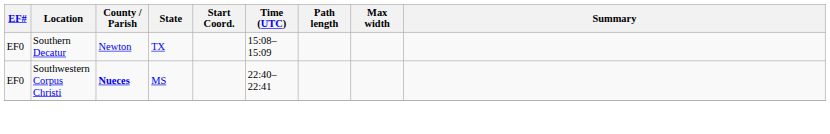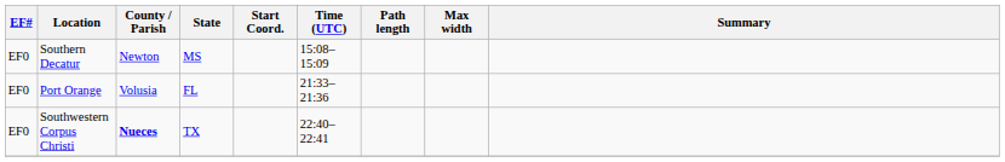 <table class="wikitable sortable" style="width:100%;">
 <tr>
 <th scope="col"  style="width:3%; text-align:center;"><a href='#'>EF#</a></th>
 <th scope="col"  style="width:7%; text-align:center;" class="unsortable">Location</th>
 <th scope="col"  style="width:6%; text-align:center;" class="unsortable">County / Parish</th>
 <th scope="col"  style="width:5%; text-align:center;">State</th>
 <th scope="col"  style="width:6%; text-align:center;">Start Coord.</th>
 <th scope="col"  style="width:6%; text-align:center;">Time (<a href='#'>UTC</a>)</th>
 <th scope="col"  style="width:6%; text-align:center;">Path length</th>
 <th scope="col"  style="width:6%; text-align:center;">Max width</th>
 <th scope="col" class="unsortable" style="width:48%; text-align:center;">Summary</th>
 </tr>
 <tr>
 <td>EF0</td>
 <td>Southern <a href='#'>Decatur</a></td>
 <td><a href='#'>Newton</a></td>
-<td><a href='#'>TX</a></td>
+<td><a href='#'>MS</a></td>
 <td></td>
 <td>15:08–15:09</td>
 <td></td>
 <td></td>
 <td></td>
 </tr>
 <tr>
 <td>EF0</td>
+<td><a href='#'>Port Orange</a></td>
+<td><a href='#'>Volusia</a></td>
+<td><a href='#'>FL</a></td>
+<td></td>
+<td>21:33–21:36</td>
+<td></td>
+<td></td>
+<td></td>
+</tr>
+<tr>
+<td>EF0</td>
 <td>Southwestern <a href='#'>Corpus Christi</a></td>
 <td><strong><a href='#'>Nueces</a></strong></td>
-<td><a href='#'>MS</a></td>
+<td><a href='#'>TX</a></td>
 <td></td>
 <td>22:40–22:41</td>
 <td></td>
 <td></td>
 <td></td>
 </tr>
 <tr>
 </tr>
 </table>
